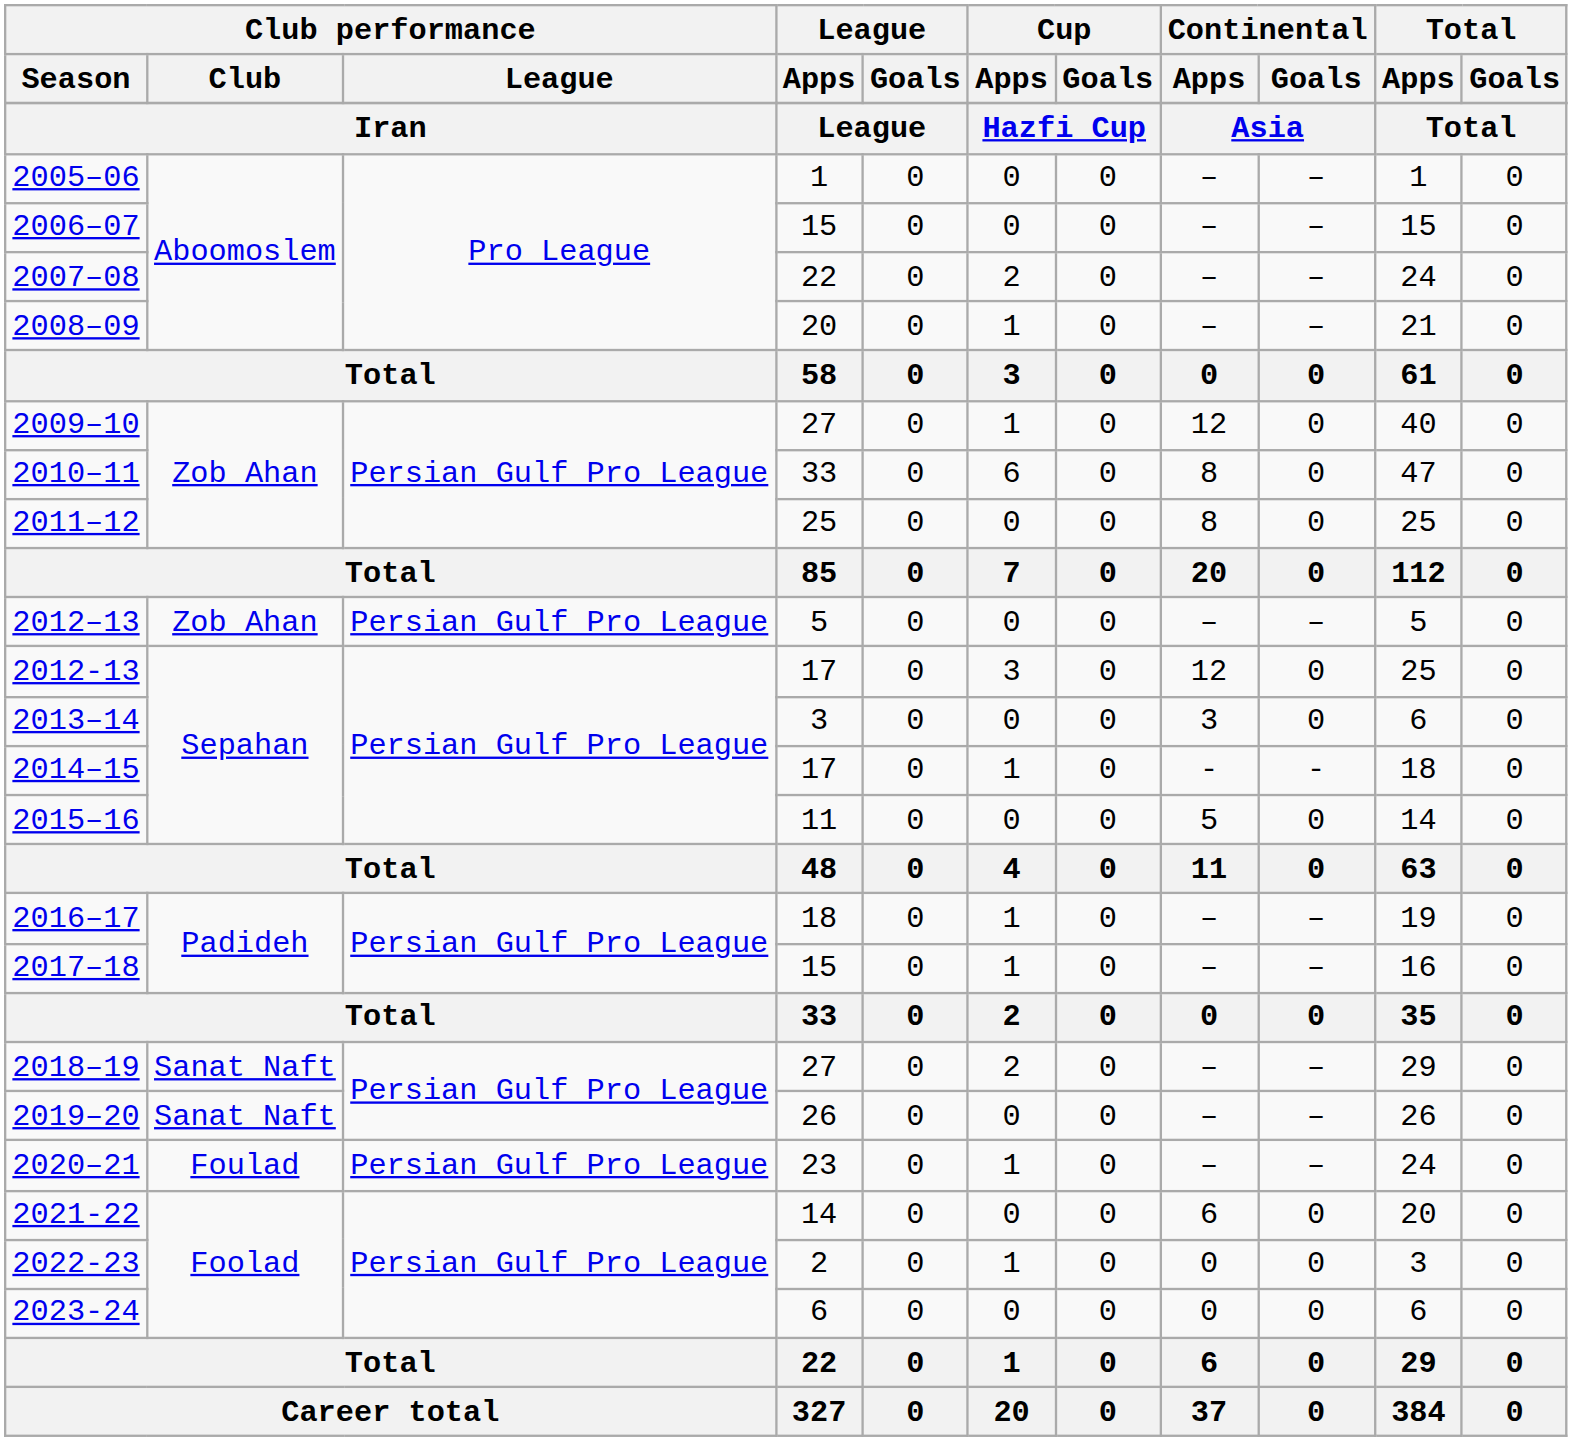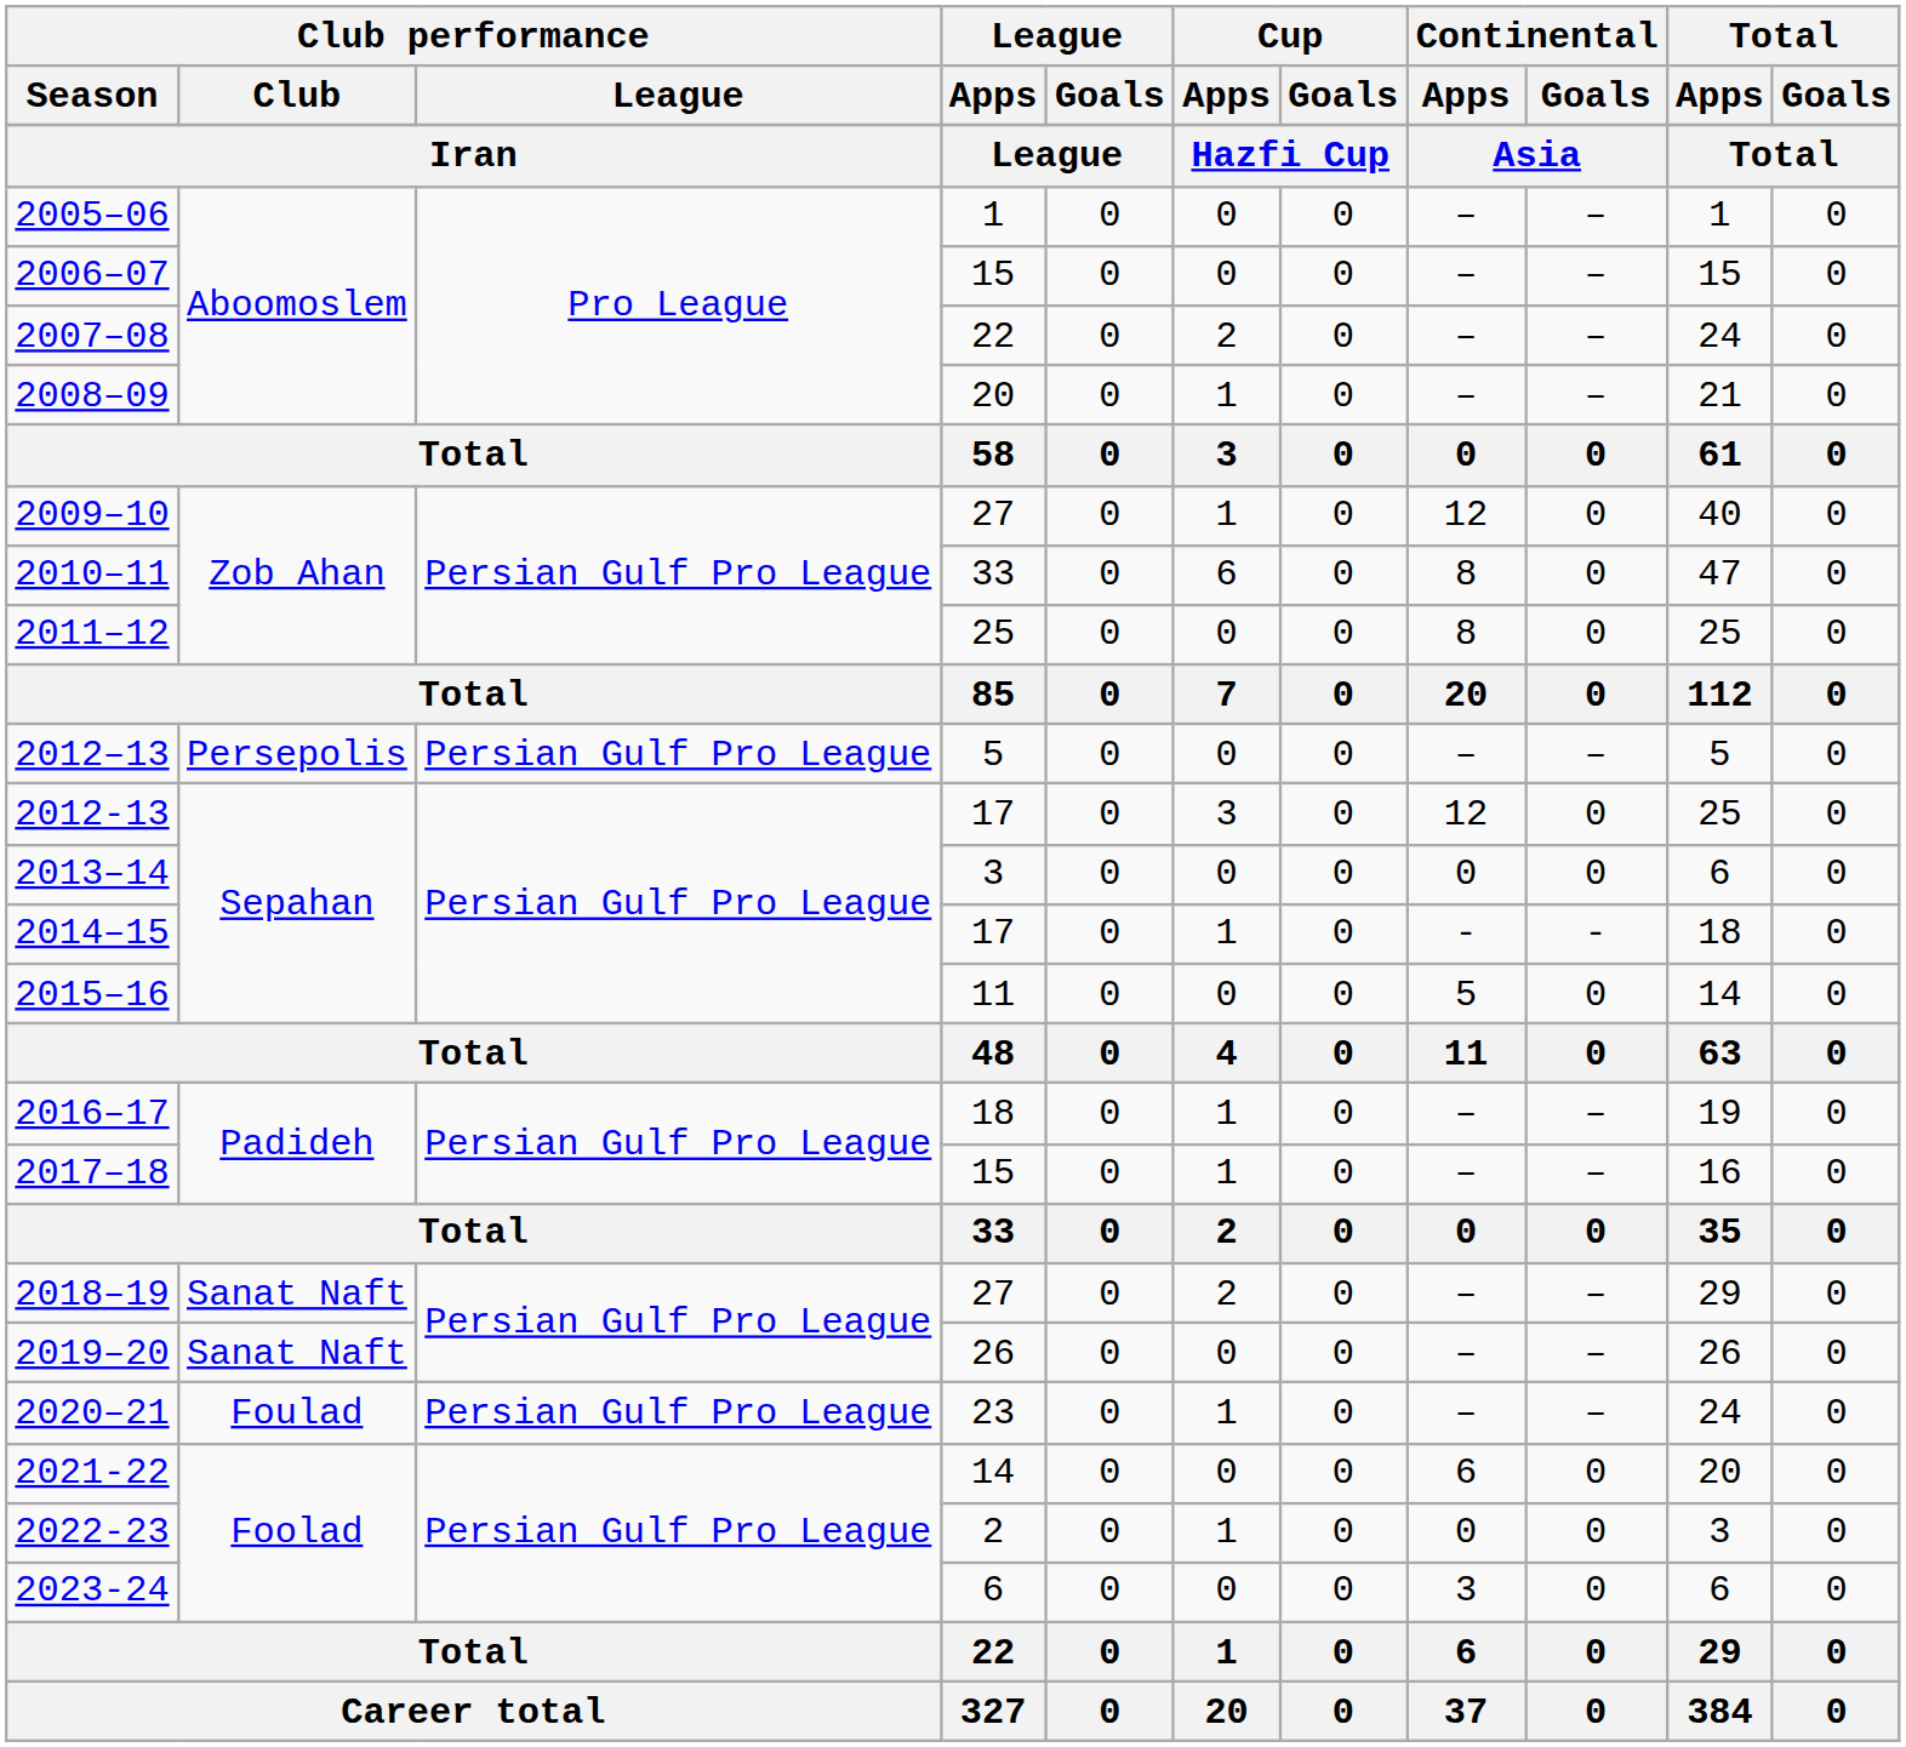 <table class="wikitable" style="text-align:center">
 <tr>
 <th colspan=3>Club performance</th>
 <th colspan=2>League</th>
 <th colspan=2>Cup</th>
 <th colspan=2>Continental</th>
 <th colspan=2>Total</th>
 </tr>
 <tr>
 <th>Season</th>
 <th>Club</th>
 <th>League</th>
 <th>Apps</th>
 <th>Goals</th>
 <th>Apps</th>
 <th>Goals</th>
 <th>Apps</th>
 <th>Goals</th>
 <th>Apps</th>
 <th>Goals</th>
 </tr>
 <tr>
 </tr>
 <tr>
 <th colspan=3>Iran</th>
 <th colspan=2>League</th>
 <th colspan=2><a href='#'>Hazfi Cup</a></th>
 <th colspan=2><a href='#'>Asia</a></th>
 <th colspan=2>Total</th>
 </tr>
 <tr>
 <td><a href='#'>2005–06</a></td>
 <td rowspan="4"><a href='#'>Aboomoslem</a></td>
 <td rowspan="4"><a href='#'>Pro League</a></td>
 <td>1</td>
 <td>0</td>
 <td>0</td>
 <td>0</td>
 <td>–</td>
 <td>–</td>
 <td>1</td>
 <td>0</td>
 </tr>
 <tr>
 <td><a href='#'>2006–07</a></td>
 <td>15</td>
 <td>0</td>
 <td>0</td>
 <td>0</td>
 <td>–</td>
 <td>–</td>
 <td>15</td>
 <td>0</td>
 </tr>
 <tr>
 <td><a href='#'>2007–08</a></td>
 <td>22</td>
 <td>0</td>
 <td>2</td>
 <td>0</td>
 <td>–</td>
 <td>–</td>
 <td>24</td>
 <td>0</td>
 </tr>
 <tr>
 <td><a href='#'>2008–09</a></td>
 <td>20</td>
 <td>0</td>
 <td>1</td>
 <td>0</td>
 <td>–</td>
 <td>–</td>
 <td>21</td>
 <td>0</td>
 </tr>
 <tr>
 <th colspan=3>Total</th>
 <th>58</th>
 <th>0</th>
 <th>3</th>
 <th>0</th>
 <th>0</th>
 <th>0</th>
 <th>61</th>
 <th>0</th>
 </tr>
 <tr>
 <td><a href='#'>2009–10</a></td>
 <td rowspan="3"><a href='#'>Zob Ahan</a></td>
 <td rowspan="3"><a href='#'>Persian Gulf Pro League</a></td>
 <td>27</td>
 <td>0</td>
 <td>1</td>
 <td>0</td>
 <td>12</td>
 <td>0</td>
 <td>40</td>
 <td>0</td>
 </tr>
 <tr>
 <td><a href='#'>2010–11</a></td>
 <td>33</td>
 <td>0</td>
 <td>6</td>
 <td>0</td>
 <td>8</td>
 <td>0</td>
 <td>47</td>
 <td>0</td>
 </tr>
 <tr>
 <td><a href='#'>2011–12</a></td>
 <td>25</td>
 <td>0</td>
 <td>0</td>
 <td>0</td>
 <td>8</td>
 <td>0</td>
 <td>25</td>
 <td>0</td>
 </tr>
 <tr>
 <th colspan=3>Total</th>
 <th>85</th>
 <th>0</th>
 <th>7</th>
 <th>0</th>
 <th>20</th>
 <th>0</th>
 <th>112</th>
 <th>0</th>
 </tr>
 <tr>
 <td><a href='#'>2012–13</a></td>
-<td rowspan="1"><a href='#'>Zob Ahan</a></td>
+<td><a href='#'>Persepolis</a></td>
 <td><a href='#'>Persian Gulf Pro League</a></td>
 <td>5</td>
 <td>0</td>
 <td>0</td>
 <td>0</td>
 <td>–</td>
 <td>–</td>
 <td>5</td>
 <td>0</td>
 </tr>
 <tr>
 <td><a href='#'>2012-13</a></td>
 <td rowspan="4"><a href='#'>Sepahan</a></td>
 <td rowspan="4"><a href='#'>Persian Gulf Pro League</a></td>
 <td>17</td>
 <td>0</td>
 <td>3</td>
 <td>0</td>
 <td>12</td>
 <td>0</td>
 <td>25</td>
 <td>0</td>
 </tr>
 <tr>
 <td><a href='#'>2013–14</a></td>
 <td>3</td>
 <td>0</td>
 <td>0</td>
 <td>0</td>
-<td>3</td>
+<td>0</td>
 <td>0</td>
 <td>6</td>
 <td>0</td>
 </tr>
 <tr>
 <td><a href='#'>2014–15</a></td>
 <td>17</td>
 <td>0</td>
 <td>1</td>
 <td>0</td>
 <td>-</td>
 <td>-</td>
 <td>18</td>
 <td>0</td>
 </tr>
 <tr>
 <td><a href='#'>2015–16</a></td>
 <td>11</td>
 <td>0</td>
 <td>0</td>
 <td>0</td>
 <td>5</td>
 <td>0</td>
 <td>14</td>
 <td>0</td>
 </tr>
 <tr>
 <th colspan=3>Total</th>
 <th>48</th>
 <th>0</th>
 <th>4</th>
 <th>0</th>
 <th>11</th>
 <th>0</th>
 <th>63</th>
 <th>0</th>
 </tr>
 <tr>
 <td><a href='#'>2016–17</a></td>
 <td rowspan="2"><a href='#'>Padideh</a></td>
 <td rowspan="2"><a href='#'>Persian Gulf Pro League</a></td>
 <td>18</td>
 <td>0</td>
 <td>1</td>
 <td>0</td>
 <td>–</td>
 <td>–</td>
 <td>19</td>
 <td>0</td>
 </tr>
 <tr>
 <td><a href='#'>2017–18</a></td>
 <td>15</td>
 <td>0</td>
 <td>1</td>
 <td>0</td>
 <td>–</td>
 <td>–</td>
 <td>16</td>
 <td>0</td>
 </tr>
 <tr>
 <th colspan=3>Total</th>
 <th>33</th>
 <th>0</th>
 <th>2</th>
 <th>0</th>
 <th>0</th>
 <th>0</th>
 <th>35</th>
 <th>0</th>
 </tr>
 <tr>
 <td><a href='#'>2018–19</a></td>
 <td rowspan="1"><a href='#'>Sanat Naft</a></td>
 <td rowspan="2"><a href='#'>Persian Gulf Pro League</a></td>
 <td>27</td>
 <td>0</td>
 <td>2</td>
 <td>0</td>
 <td>–</td>
 <td>–</td>
 <td>29</td>
 <td>0</td>
 </tr>
 <tr>
 <td><a href='#'>2019–20</a></td>
 <td rowspan="1"><a href='#'>Sanat Naft</a></td>
 <td>26</td>
 <td>0</td>
 <td>0</td>
 <td>0</td>
 <td>–</td>
 <td>–</td>
 <td>26</td>
 <td>0</td>
 </tr>
 <tr>
 <td><a href='#'>2020–21</a></td>
 <td rowspan="1"><a href='#'>Foulad</a></td>
 <td><a href='#'>Persian Gulf Pro League</a></td>
 <td>23</td>
 <td>0</td>
 <td>1</td>
 <td>0</td>
 <td>–</td>
 <td>–</td>
 <td>24</td>
 <td>0</td>
 </tr>
 <tr>
 <td><a href='#'>2021-22</a></td>
 <td rowspan="3"><a href='#'>Foolad</a></td>
 <td rowspan="3"><a href='#'>Persian Gulf Pro League</a></td>
 <td>14</td>
 <td>0</td>
 <td>0</td>
 <td>0</td>
 <td>6</td>
 <td>0</td>
 <td>20</td>
 <td>0</td>
 </tr>
 <tr>
 <td><a href='#'>2022-23</a></td>
 <td>2</td>
 <td>0</td>
 <td>1</td>
 <td>0</td>
 <td>0</td>
 <td>0</td>
 <td>3</td>
 <td>0</td>
 </tr>
 <tr>
 <td><a href='#'>2023-24</a></td>
 <td>6</td>
 <td>0</td>
 <td>0</td>
 <td>0</td>
-<td>0</td>
+<td>3</td>
 <td>0</td>
 <td>6</td>
 <td>0</td>
 </tr>
 <tr>
 <th colspan=3>Total</th>
 <th>22</th>
 <th>0</th>
 <th>1</th>
 <th>0</th>
 <th>6</th>
 <th>0</th>
 <th>29</th>
 <th>0</th>
 </tr>
 <tr>
 <th colspan="3">Career total</th>
 <th>327</th>
 <th>0</th>
 <th>20</th>
 <th>0</th>
 <th>37</th>
 <th>0</th>
 <th>384</th>
 <th>0</th>
 </tr>
 </table>
